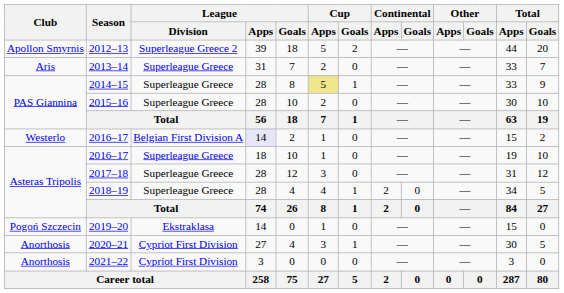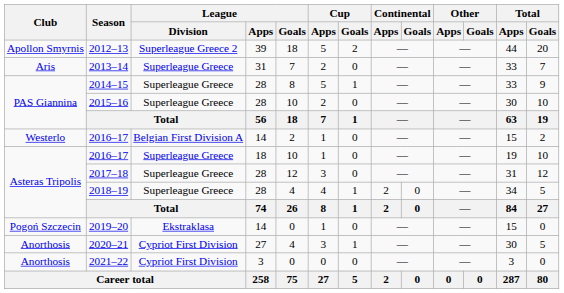 <table class="wikitable" style="text-align:center">
 <tr>
 <th rowspan=2>Club</th>
 <th rowspan=2>Season</th>
 <th colspan=3>League</th>
 <th colspan=2>Cup</th>
 <th colspan=2>Continental</th>
 <th colspan=2>Other</th>
 <th colspan=2>Total</th>
 </tr>
 <tr>
 <th>Division</th>
 <th>Apps</th>
 <th>Goals</th>
 <th>Apps</th>
 <th>Goals</th>
 <th>Apps</th>
 <th>Goals</th>
 <th>Apps</th>
 <th>Goals</th>
 <th>Apps</th>
 <th>Goals</th>
 </tr>
 <tr>
 <td><a href='#'>Apollon Smyrnis</a></td>
 <td><a href='#'>2012–13</a></td>
 <td><a href='#'>Superleague Greece 2</a></td>
 <td>39</td>
 <td>18</td>
 <td>5</td>
 <td>2</td>
 <td colspan="2">—</td>
 <td colspan="2">—</td>
 <td>44</td>
 <td>20</td>
 </tr>
 <tr>
 <td><a href='#'>Aris</a></td>
 <td><a href='#'>2013–14</a></td>
 <td><a href='#'>Superleague Greece</a></td>
 <td>31</td>
 <td>7</td>
 <td>2</td>
 <td>0</td>
 <td colspan="2">—</td>
 <td colspan="2">—</td>
 <td>33</td>
 <td>7</td>
 </tr>
 <tr>
 <td rowspan=3><a href='#'>PAS Giannina</a></td>
 <td><a href='#'>2014–15</a></td>
 <td>Superleague Greece</td>
 <td>28</td>
 <td>8</td>
-<td style="background: khaki;">5</td>
+<td>5</td>
 <td>1</td>
 <td colspan="2">—</td>
 <td colspan="2">—</td>
 <td>33</td>
 <td>9</td>
 </tr>
 <tr>
 <td><a href='#'>2015–16</a></td>
 <td>Superleague Greece</td>
 <td>28</td>
 <td>10</td>
 <td>2</td>
 <td>0</td>
 <td colspan="2">—</td>
 <td colspan="2">—</td>
 <td>30</td>
 <td>10</td>
 </tr>
 <tr>
 <th colspan="2">Total</th>
 <th>56</th>
 <th>18</th>
 <th>7</th>
 <th>1</th>
 <th colspan="2">—</th>
 <th colspan="2">—</th>
 <th>63</th>
 <th>19</th>
 </tr>
 <tr>
 <td><a href='#'>Westerlo</a></td>
 <td><a href='#'>2016–17</a></td>
 <td><a href='#'>Belgian First Division A</a></td>
-<td style="background: lavender;">14</td>
+<td>14</td>
 <td>2</td>
 <td>1</td>
 <td>0</td>
 <td colspan="2">—</td>
 <td colspan="2">—</td>
 <td>15</td>
 <td>2</td>
 </tr>
 <tr>
 <td rowspan=4><a href='#'>Asteras Tripolis</a></td>
 <td><a href='#'>2016–17</a></td>
 <td><a href='#'>Superleague Greece</a></td>
 <td>18</td>
 <td>10</td>
 <td>1</td>
 <td>0</td>
 <td colspan="2">—</td>
 <td colspan="2">—</td>
 <td>19</td>
 <td>10</td>
 </tr>
 <tr>
 <td><a href='#'>2017–18</a></td>
 <td>Superleague Greece</td>
 <td>28</td>
 <td>12</td>
 <td>3</td>
 <td>0</td>
 <td colspan="2">—</td>
 <td colspan="2">—</td>
 <td>31</td>
 <td>12</td>
 </tr>
 <tr>
 <td><a href='#'>2018–19</a></td>
 <td>Superleague Greece</td>
 <td>28</td>
 <td>4</td>
 <td>4</td>
 <td>1</td>
 <td>2</td>
 <td>0</td>
 <td colspan="2">—</td>
 <td>34</td>
 <td>5</td>
 </tr>
 <tr>
 <th colspan="2">Total</th>
 <th>74</th>
 <th>26</th>
 <th>8</th>
 <th>1</th>
 <th>2</th>
 <th>0</th>
 <th colspan="2">—</th>
 <th>84</th>
 <th>27</th>
 </tr>
 <tr>
 <td><a href='#'>Pogoń Szczecin</a></td>
 <td><a href='#'>2019–20</a></td>
 <td><a href='#'>Ekstraklasa</a></td>
 <td>14</td>
 <td>0</td>
 <td>1</td>
 <td>0</td>
 <td colspan="2">—</td>
 <td colspan="2">—</td>
 <td>15</td>
 <td>0</td>
 </tr>
 <tr>
 <td><a href='#'>Anorthosis</a></td>
 <td><a href='#'>2020–21</a></td>
 <td><a href='#'>Cypriot First Division</a></td>
 <td>27</td>
 <td>4</td>
 <td>3</td>
 <td>1</td>
 <td colspan="2">—</td>
 <td colspan="2">—</td>
 <td>30</td>
 <td>5</td>
 </tr>
 <tr>
 <td><a href='#'>Anorthosis</a></td>
 <td><a href='#'>2021–22</a></td>
 <td><a href='#'>Cypriot First Division</a></td>
 <td>3</td>
 <td>0</td>
 <td>0</td>
 <td>0</td>
 <td colspan="2">—</td>
 <td colspan="2">—</td>
 <td>3</td>
 <td>0</td>
 </tr>
 <tr>
 <th colspan="3">Career total</th>
 <th>258</th>
 <th>75</th>
 <th>27</th>
 <th>5</th>
 <th>2</th>
 <th>0</th>
 <th>0</th>
 <th>0</th>
 <th>287</th>
 <th>80</th>
 </tr>
 </table>
